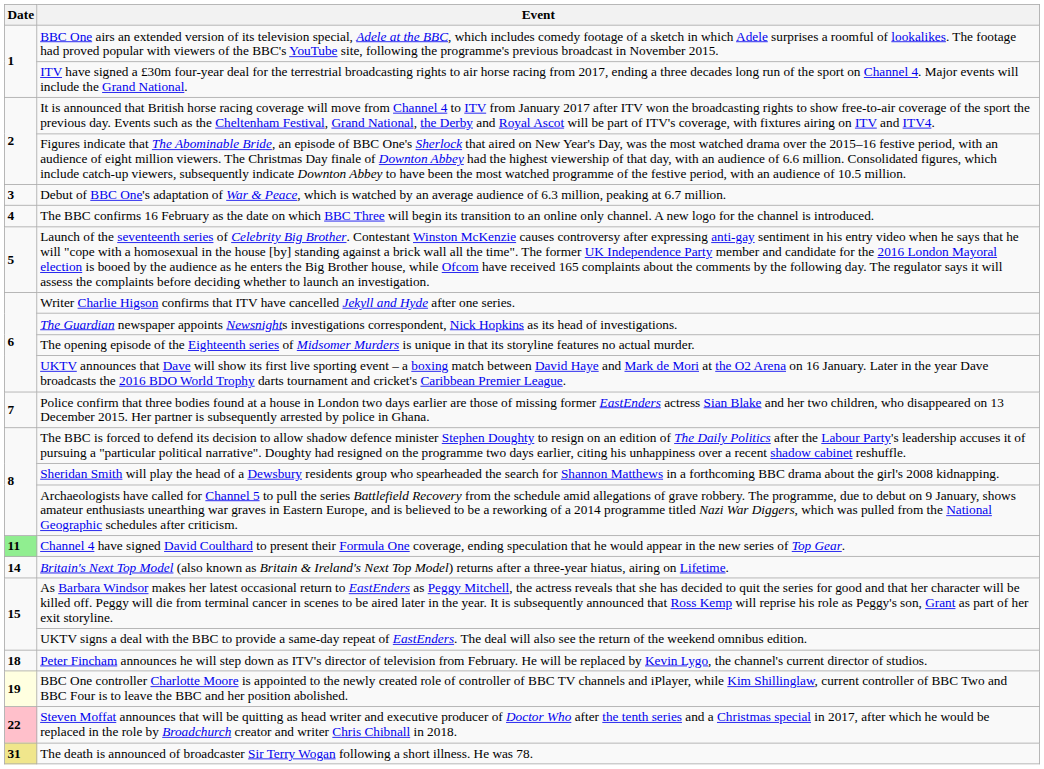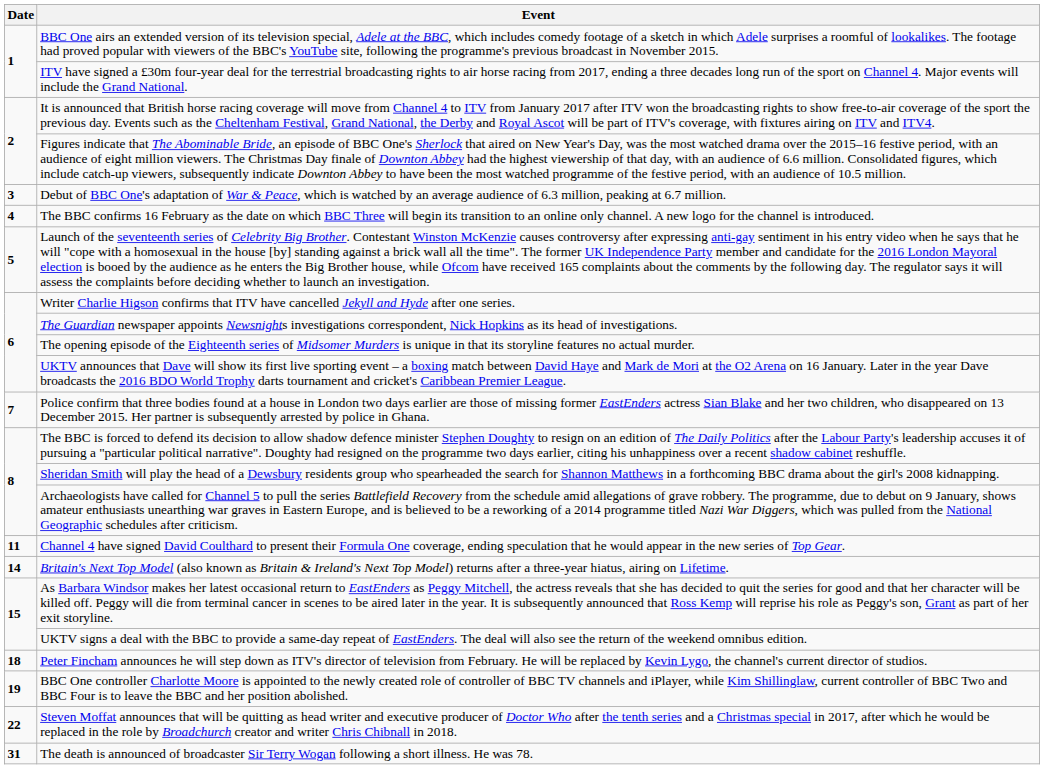 <table class="wikitable">
 <tr>
 <th>Date</th>
 <th>Event</th>
 </tr>
 <tr>
 <td rowspan=2><strong>1</strong></td>
 <td><a href='#'>BBC One</a> airs an extended version of its television special, <em><a href='#'>Adele at the BBC</a></em>, which includes comedy footage of a sketch in which <a href='#'>Adele</a> surprises a roomful of <a href='#'>lookalikes</a>. The footage had proved popular with viewers of the BBC's <a href='#'>YouTube</a> site, following the programme's previous broadcast in November 2015.</td>
 </tr>
 <tr>
 <td><a href='#'>ITV</a> have signed a £30m four-year deal for the terrestrial broadcasting rights to air horse racing from 2017, ending a three decades long run of the sport on <a href='#'>Channel 4</a>. Major events will include the <a href='#'>Grand National</a>.</td>
 </tr>
 <tr>
 <td rowspan=2><strong>2</strong></td>
 <td>It is announced that British horse racing coverage will move from <a href='#'>Channel 4</a> to <a href='#'>ITV</a> from January 2017 after ITV won the broadcasting rights to show free-to-air coverage of the sport the previous day. Events such as the <a href='#'>Cheltenham Festival</a>, <a href='#'>Grand National</a>, <a href='#'>the Derby</a> and <a href='#'>Royal Ascot</a> will be part of ITV's coverage, with fixtures airing on <a href='#'>ITV</a> and <a href='#'>ITV4</a>.</td>
 </tr>
 <tr>
 <td>Figures indicate that <em><a href='#'>The Abominable Bride</a></em>, an episode of BBC One's <em><a href='#'>Sherlock</a></em> that aired on New Year's Day, was the most watched drama over the 2015–16 festive period, with an audience of eight million viewers. The Christmas Day finale of <em><a href='#'>Downton Abbey</a></em> had the highest viewership of that day, with an audience of 6.6 million. Consolidated figures, which include catch-up viewers, subsequently indicate <em>Downton Abbey</em> to have been the most watched programme of the festive period, with an audience of 10.5 million.</td>
 </tr>
 <tr>
 <td><strong>3</strong></td>
 <td>Debut of <a href='#'>BBC One</a>'s adaptation of <em><a href='#'>War & Peace</a></em>, which is watched by an average audience of 6.3 million, peaking at 6.7 million.</td>
 </tr>
 <tr>
 <td><strong>4</strong></td>
 <td>The BBC confirms 16 February as the date on which <a href='#'>BBC Three</a> will begin its transition to an online only channel. A new logo for the channel is introduced.</td>
 </tr>
 <tr>
 <td><strong>5</strong></td>
 <td>Launch of the <a href='#'>seventeenth series</a> of <em><a href='#'>Celebrity Big Brother</a></em>. Contestant <a href='#'>Winston McKenzie</a> causes controversy after expressing <a href='#'>anti-gay</a> sentiment in his entry video when he says that he will "cope with a homosexual in the house [by] standing against a brick wall all the time". The former <a href='#'>UK Independence Party</a> member and candidate for the <a href='#'>2016 London Mayoral election</a> is booed by the audience as he enters the Big Brother house, while <a href='#'>Ofcom</a> have received 165 complaints about the comments by the following day. The regulator says it will assess the complaints before deciding whether to launch an investigation.</td>
 </tr>
 <tr>
 <td rowspan=4><strong>6</strong></td>
 <td>Writer <a href='#'>Charlie Higson</a> confirms that ITV have cancelled <em><a href='#'>Jekyll and Hyde</a></em> after one series.</td>
 </tr>
 <tr>
 <td><em><a href='#'>The Guardian</a></em> newspaper appoints <em><a href='#'>Newsnight</a></em>s investigations correspondent, <a href='#'>Nick Hopkins</a> as its head of investigations.</td>
 </tr>
 <tr>
 <td>The opening episode of the <a href='#'>Eighteenth series</a> of <em><a href='#'>Midsomer Murders</a></em> is unique in that its storyline features no actual murder.</td>
 </tr>
 <tr>
 <td><a href='#'>UKTV</a> announces that <a href='#'>Dave</a> will show its first live sporting event – a <a href='#'>boxing</a> match between <a href='#'>David Haye</a> and <a href='#'>Mark de Mori</a> at <a href='#'>the O2 Arena</a> on 16 January. Later in the year Dave broadcasts the <a href='#'>2016 BDO World Trophy</a> darts tournament and cricket's <a href='#'>Caribbean Premier League</a>.</td>
 </tr>
 <tr>
 <td><strong>7</strong></td>
 <td>Police confirm that three bodies found at a house in London two days earlier are those of missing former <em><a href='#'>EastEnders</a></em> actress <a href='#'>Sian Blake</a> and her two children, who disappeared on 13 December 2015. Her partner is subsequently arrested by police in Ghana.</td>
 </tr>
 <tr>
 <td rowspan=3><strong>8</strong></td>
 <td>The BBC is forced to defend its decision to allow shadow defence minister <a href='#'>Stephen Doughty</a> to resign on an edition of <em><a href='#'>The Daily Politics</a></em> after the <a href='#'>Labour Party</a>'s leadership accuses it of pursuing a "particular political narrative". Doughty had resigned on the programme two days earlier, citing his unhappiness over a recent <a href='#'>shadow cabinet</a> reshuffle.</td>
 </tr>
 <tr>
 <td><a href='#'>Sheridan Smith</a> will play the head of a <a href='#'>Dewsbury</a> residents group who spearheaded the search for <a href='#'>Shannon Matthews</a> in a forthcoming BBC drama about the girl's 2008 kidnapping.</td>
 </tr>
 <tr>
 <td>Archaeologists have called for <a href='#'>Channel 5</a> to pull the series <em>Battlefield Recovery</em> from the schedule amid allegations of grave robbery. The programme, due to debut on 9 January, shows amateur enthusiasts unearthing war graves in Eastern Europe, and is believed to be a reworking of a 2014 programme titled <em>Nazi War Diggers</em>, which was pulled from the <a href='#'>National Geographic</a> schedules after criticism.</td>
 </tr>
 <tr>
-<td style="background: lightgreen;"><strong>11</strong></td>
+<td><strong>11</strong></td>
 <td><a href='#'>Channel 4</a> have signed <a href='#'>David Coulthard</a> to present their <a href='#'>Formula One</a> coverage, ending speculation that he would appear in the new series of <em><a href='#'>Top Gear</a></em>.</td>
 </tr>
 <tr>
 <td><strong>14</strong></td>
 <td><em><a href='#'>Britain's Next Top Model</a></em> (also known as <em>Britain & Ireland's Next Top Model</em>) returns after a three-year hiatus, airing on <a href='#'>Lifetime</a>.</td>
 </tr>
 <tr>
 <td rowspan=2><strong>15</strong></td>
 <td>As <a href='#'>Barbara Windsor</a> makes her latest occasional return to <em><a href='#'>EastEnders</a></em> as <a href='#'>Peggy Mitchell</a>, the actress reveals that she has decided to quit the series for good and that her character will be killed off. Peggy will die from terminal cancer in scenes to be aired later in the year. It is subsequently announced that <a href='#'>Ross Kemp</a> will reprise his role as Peggy's son, <a href='#'>Grant</a> as part of her exit storyline.</td>
 </tr>
 <tr>
 <td>UKTV signs a deal with the BBC to provide a same-day repeat of <em><a href='#'>EastEnders</a></em>. The deal will also see the return of the weekend omnibus edition.</td>
 </tr>
 <tr>
 <td><strong>18</strong></td>
 <td><a href='#'>Peter Fincham</a> announces he will step down as ITV's director of television from February. He will be replaced by <a href='#'>Kevin Lygo</a>, the channel's current director of studios.</td>
 </tr>
 <tr>
-<td style="background: lightyellow;"><strong>19</strong></td>
+<td><strong>19</strong></td>
 <td>BBC One controller <a href='#'>Charlotte Moore</a> is appointed to the newly created role of controller of BBC TV channels and iPlayer, while <a href='#'>Kim Shillinglaw</a>, current controller of BBC Two and BBC Four is to leave the BBC and her position abolished.</td>
 </tr>
 <tr>
-<td style="background: pink;"><strong>22</strong></td>
+<td><strong>22</strong></td>
 <td><a href='#'>Steven Moffat</a> announces that will be quitting as head writer and executive producer of <em><a href='#'>Doctor Who</a></em> after <a href='#'>the tenth series</a> and a <a href='#'>Christmas special</a> in 2017, after which he would be replaced in the role by <em><a href='#'>Broadchurch</a></em> creator and writer <a href='#'>Chris Chibnall</a> in 2018.</td>
 </tr>
 <tr>
-<td style="background: khaki;"><strong>31</strong></td>
+<td><strong>31</strong></td>
 <td>The death is announced of broadcaster <a href='#'>Sir Terry Wogan</a> following a short illness. He was 78.</td>
 </tr>
 </table>
